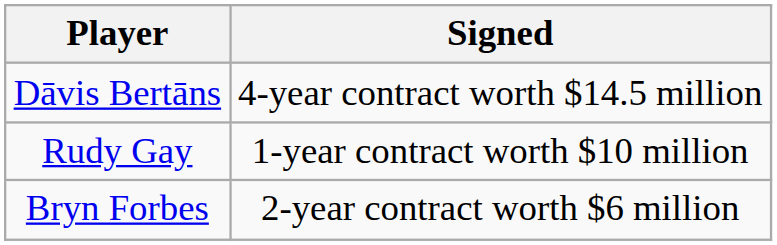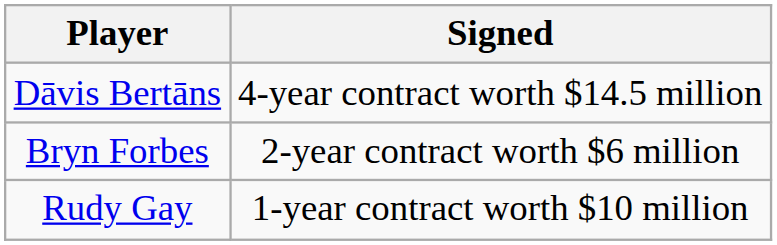 <table class="wikitable sortable sortable" style="text-align: center">
 <tr>
 <th>Player</th>
 <th>Signed</th>
 </tr>
 <tr style="text-align: center">
 <td><a href='#'>Dāvis Bertāns</a></td>
 <td>4-year contract worth $14.5 million</td>
 </tr>
 <tr style="text-align: center">
+<td><a href='#'>Bryn Forbes</a></td>
+<td>2-year contract worth $6 million</td>
+</tr>
+<tr style="text-align: center">
 <td><a href='#'>Rudy Gay</a></td>
 <td>1-year contract worth $10 million</td>
 </tr>
-<tr style="text-align: center">
-<td><a href='#'>Bryn Forbes</a></td>
-<td>2-year contract worth $6 million</td>
-</tr>
 </table>
